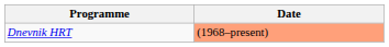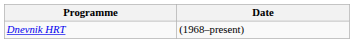 <table class="wikitable">
 <tr>
 <th width=250>Programme</th>
 <th width=250>Date</th>
 </tr>
 <tr>
 <td><em><a href='#'>Dnevnik HRT</a></em></td>
-<td style="background: lightsalmon;">(1968–present)</td>
+<td>(1968–present)</td>
 </tr>
 </table>
